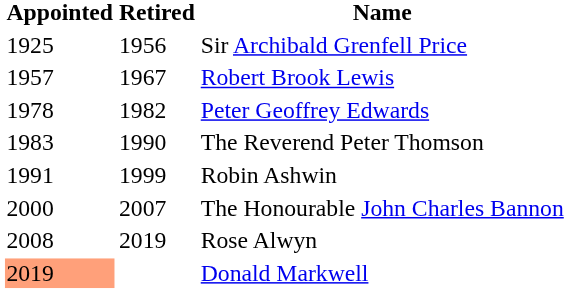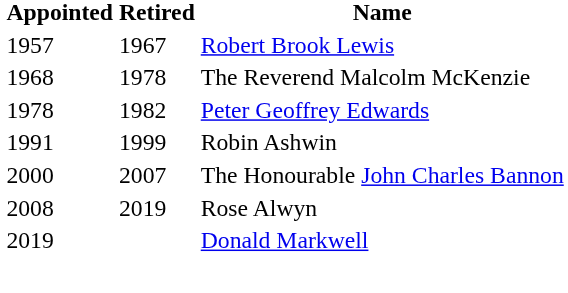 <table class="wikitable'">
 <tr>
 <th>Appointed</th>
 <th>Retired</th>
 <th>Name</th>
 </tr>
 <tr>
-<td>1925</td>
-<td>1956</td>
-<td>Sir <a href='#'>Archibald Grenfell Price</a></td>
-</tr>
-<tr>
 <td>1957</td>
 <td>1967</td>
 <td><a href='#'>Robert Brook Lewis</a></td>
 </tr>
 <tr>
+<td>1968</td>
+<td>1978</td>
+<td>The Reverend Malcolm McKenzie</td>
+</tr>
+<tr>
 <td>1978</td>
 <td>1982</td>
 <td><a href='#'>Peter Geoffrey Edwards</a></td>
-</tr>
-<tr>
-<td>1983</td>
-<td>1990</td>
-<td>The Reverend Peter Thomson</td>
 </tr>
 <tr>
 <td>1991</td>
 <td>1999</td>
 <td>Robin Ashwin</td>
 </tr>
 <tr>
 <td>2000</td>
 <td>2007</td>
 <td>The Honourable <a href='#'>John Charles Bannon</a></td>
 </tr>
 <tr>
 <td>2008</td>
 <td>2019</td>
 <td>Rose Alwyn</td>
 </tr>
 <tr>
-<td style="background: lightsalmon;">2019</td>
+<td>2019</td>
 <td></td>
 <td><a href='#'>Donald Markwell</a></td>
 </tr>
 </table>
